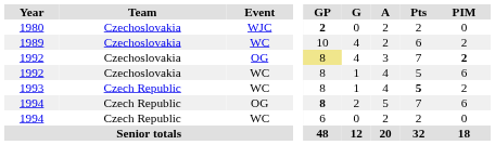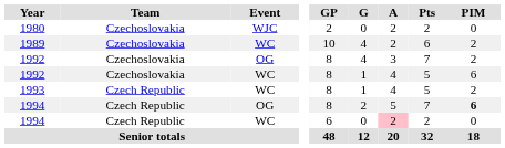 <table border="0" cellpadding="1" cellspacing="0" style="text-align:center; width:40em">
 <tr ALIGN="center" bgcolor="#e0e0e0">
 <th>Year</th>
 <th>Team</th>
 <th>Event</th>
 <th rowspan="99" bgcolor="#ffffff"> </th>
 <th>GP</th>
 <th>G</th>
 <th>A</th>
 <th>Pts</th>
 <th>PIM</th>
 </tr>
 <tr>
 <td><a href='#'>1980</a></td>
 <td><a href='#'>Czechoslovakia</a></td>
 <td><a href='#'>WJC</a></td>
-<td><strong>2</strong></td>
+<td>2</td>
 <td>0</td>
 <td>2</td>
 <td>2</td>
 <td>0</td>
 </tr>
 <tr bgcolor="#f0f0f0">
 <td><a href='#'>1989</a></td>
 <td><a href='#'>Czechoslovakia</a></td>
 <td><a href='#'>WC</a></td>
 <td>10</td>
 <td>4</td>
 <td>2</td>
 <td>6</td>
 <td>2</td>
 </tr>
 <tr>
 <td><a href='#'>1992</a></td>
 <td>Czechoslovakia</td>
 <td><a href='#'>OG</a></td>
-<td style="background: khaki;">8</td>
+<td>8</td>
 <td>4</td>
 <td>3</td>
 <td>7</td>
-<td><strong>2</strong></td>
+<td>2</td>
 </tr>
 <tr bgcolor="#f0f0f0">
 <td><a href='#'>1992</a></td>
 <td>Czechoslovakia</td>
 <td>WC</td>
 <td>8</td>
 <td>1</td>
 <td>4</td>
 <td>5</td>
 <td>6</td>
 </tr>
 <tr>
 <td><a href='#'>1993</a></td>
 <td><a href='#'>Czech Republic</a></td>
 <td>WC</td>
 <td>8</td>
 <td>1</td>
 <td>4</td>
-<td><strong>5</strong></td>
+<td>5</td>
 <td>2</td>
 </tr>
 <tr bgcolor="#f0f0f0">
 <td><a href='#'>1994</a></td>
 <td>Czech Republic</td>
 <td>OG</td>
-<td><strong>8</strong></td>
+<td>8</td>
 <td>2</td>
 <td>5</td>
 <td>7</td>
-<td>6</td>
+<td><strong>6</strong></td>
 </tr>
 <tr>
 <td><a href='#'>1994</a></td>
 <td>Czech Republic</td>
 <td>WC</td>
 <td>6</td>
 <td>0</td>
-<td>2</td>
+<td style="background: pink;">2</td>
 <td>2</td>
 <td>0</td>
 </tr>
 <tr bgcolor="#e0e0e0">
 <th colspan=3>Senior totals</th>
 <th>48</th>
 <th>12</th>
 <th>20</th>
 <th>32</th>
 <th>18</th>
 </tr>
 </table>
